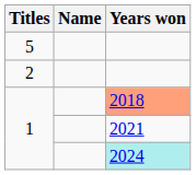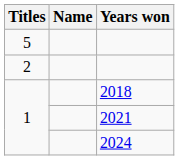 <table class="wikitable style="font-size:100%; text-align: left; width:70%">
 <tr>
 <th>Titles</th>
 <th>Name</th>
 <th>Years won</th>
 </tr>
 <tr>
 <td align=center>5</td>
 <td></td>
 <td></td>
 </tr>
 <tr>
 <td align=center>2</td>
 <td></td>
 <td></td>
 </tr>
 <tr>
 <td rowspan=3 align=center>1</td>
 <td></td>
-<td style="background: lightsalmon;"><a href='#'>2018</a></td>
+<td><a href='#'>2018</a></td>
 </tr>
 <tr>
 <td></td>
 <td><a href='#'>2021</a></td>
 </tr>
 <tr>
 <td></td>
-<td style="background: paleturquoise;"><a href='#'>2024</a></td>
+<td><a href='#'>2024</a></td>
 </tr>
 </table>
